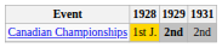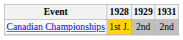 <table class="wikitable">
 <tr>
 <th>Event</th>
 <th>1928</th>
 <th>1929</th>
 <th>1931</th>
 </tr>
 <tr>
 <td><a href='#'>Canadian Championships</a></td>
 <td align="center" bgcolor="gold">1st J.</td>
-<td align="center" bgcolor="silver"><strong>2nd</strong></td>
+<td align="center" bgcolor="silver">2nd</td>
 <td align="center" bgcolor="silver">2nd</td>
 </tr>
 <tr>
 </tr>
 </table>
